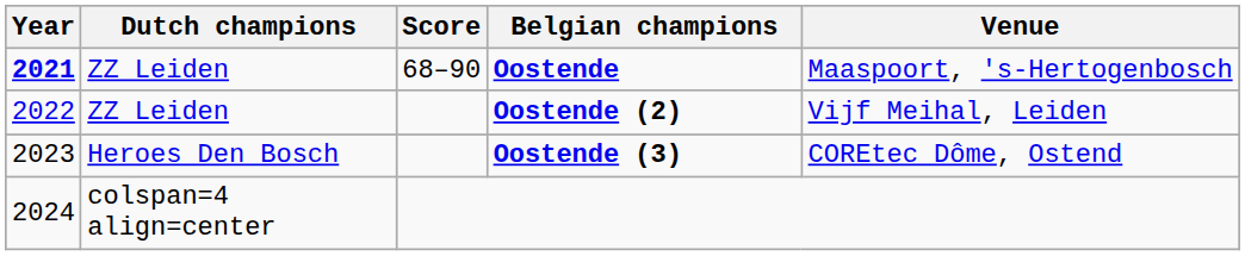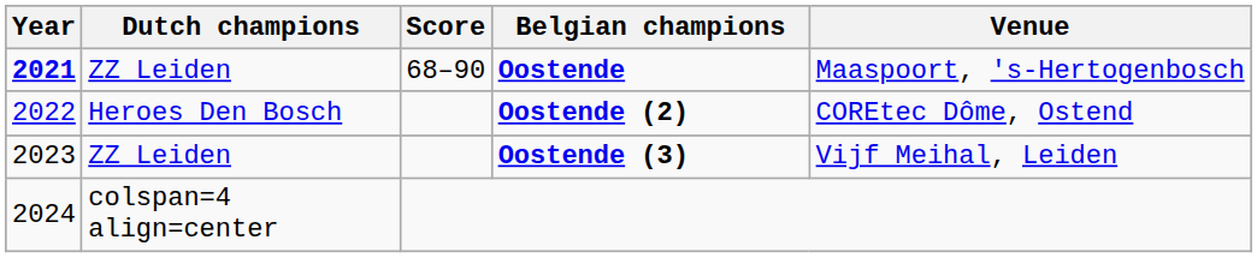 <table class="wikitable sortable plainrowheaders">
 <tr>
 <th scope="col">Year</th>
 <th scope="col" width=150>Dutch champions</th>
 <th scope="col">Score</th>
 <th scope="col" width=150>Belgian champions</th>
 <th scope="col">Venue</th>
 </tr>
 <tr>
 <td align=center><strong><a href='#'>2021</a></strong></td>
 <td><a href='#'>ZZ Leiden</a></td>
 <td align=center>68–90</td>
 <td><strong><a href='#'>Oostende</a></strong></td>
 <td><a href='#'>Maaspoort</a>, <a href='#'>'s-Hertogenbosch</a></td>
 </tr>
 <tr>
 <td align=center><a href='#'>2022</a></td>
-<td><a href='#'>ZZ Leiden</a></td>
+<td><a href='#'>Heroes Den Bosch</a></td>
 <td></td>
 <td><a href='#'><strong>Oostende</strong></a> <strong>(2)</strong></td>
-<td><a href='#'>Vijf Meihal</a>, <a href='#'>Leiden</a></td>
+<td><a href='#'>COREtec Dôme</a>, <a href='#'>Ostend</a></td>
 </tr>
 <tr>
 <td align=center>2023</td>
-<td><a href='#'>Heroes Den Bosch</a></td>
+<td><a href='#'>ZZ Leiden</a></td>
 <td></td>
 <td><strong><a href='#'>Oostende</a> (3)</strong></td>
-<td><a href='#'>COREtec Dôme</a>, <a href='#'>Ostend</a></td>
+<td><a href='#'>Vijf Meihal</a>, <a href='#'>Leiden</a></td>
 </tr>
 <tr>
 <td align=center>2024</td>
 <td>colspan=4 align=center </td>
 </tr>
 </table>
